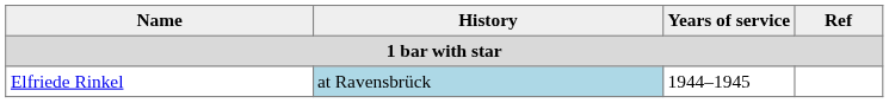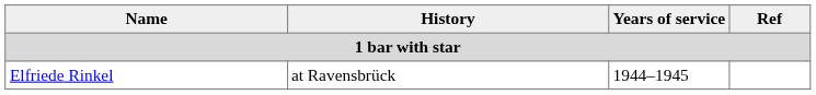 <table align="center" border="1" cellpadding="3" cellspacing="0" style="font-size: 90%; border: gray solid 1px; border-collapse: collapse; text-align: middle;">
 <tr>
 <th bgcolor="#efefef" style="width: 35%">Name</th>
 <th bgcolor="#efefef" style="width: 40%">History</th>
 <th bgcolor="#efefef" style="width: 15%">Years of service</th>
 <th bgcolor="#efefef" style="width: 10%">Ref</th>
 </tr>
 <tr style="background-color:#D9D9D9; width: 100%">
 <th colspan="4">1 bar with star</th>
 </tr>
 <tr>
 <td><a href='#'>Elfriede Rinkel</a></td>
-<td style="background: lightblue;"> at Ravensbrück</td>
+<td> at Ravensbrück</td>
 <td>1944–1945</td>
 <td></td>
 </tr>
 </table>
